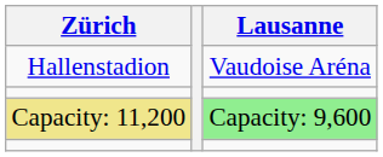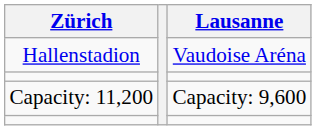 <table class="wikitable" style="text-align:center;">
 <tr>
 <th><a href='#'>Zürich</a></th>
 <th rowspan=5></th>
 <th><a href='#'>Lausanne</a></th>
 </tr>
 <tr>
 <td><a href='#'>Hallenstadion</a></td>
 <td><a href='#'>Vaudoise Aréna</a></td>
 </tr>
 <tr>
 <td></td>
 <td></td>
 </tr>
 <tr>
-<td style="background: khaki;">Capacity: 11,200</td>
-<td style="background: lightgreen;">Capacity: 9,600</td>
+<td>Capacity: 11,200</td>
+<td>Capacity: 9,600</td>
 </tr>
 <tr>
 <td></td>
 <td></td>
 </tr>
 </table>
